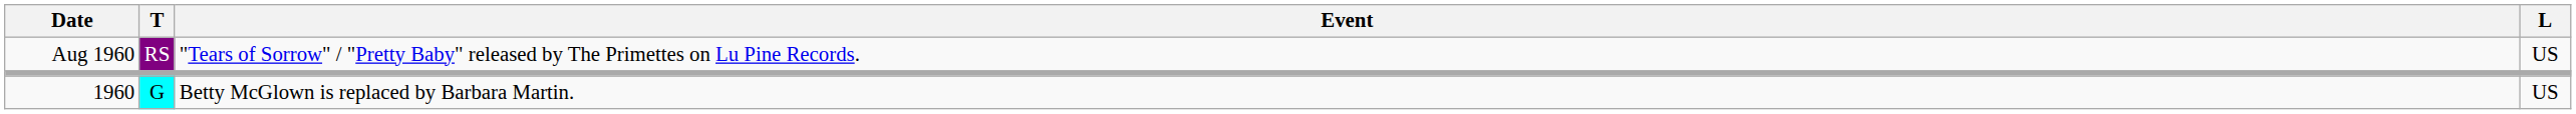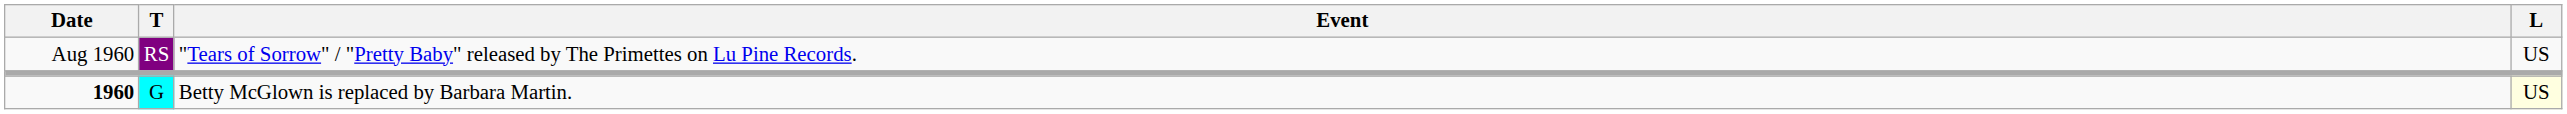 <table class="wikitable" style="text-align: center">
 <tr>
 <th style="width:12ch">Date</th>
 <th style="width:1%">T</th>
 <th>Event</th>
 <th style="width:2%">L</th>
 </tr>
 <tr>
 <td style="text-align: right">Aug 1960</td>
 <td style="background:purple; color: white">RS</td>
 <td style="text-align:left;">"<a href='#'>Tears of Sorrow</a>" / "<a href='#'>Pretty Baby</a>" released by The Primettes on <a href='#'>Lu Pine Records</a>.</td>
 <td>US</td>
 </tr>
 <tr>
 <td colspan="6" style="background: #aaa; height: 3px; padding: 0 !important"></td>
 </tr>
 <tr>
-<td style="text-align: right">1960</td>
+<td style="text-align: right"><strong>1960</strong></td>
 <td style="background:aqua">G</td>
 <td style="text-align:left;">Betty McGlown is replaced by Barbara Martin.</td>
-<td>US</td>
+<td style="background: lightyellow;">US</td>
 </tr>
 </table>
